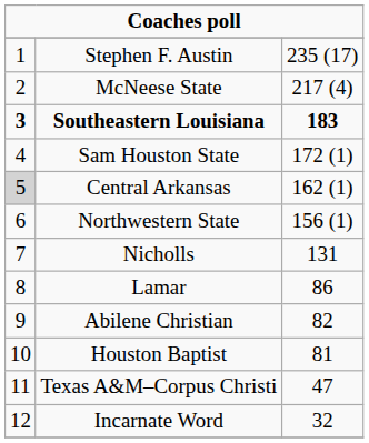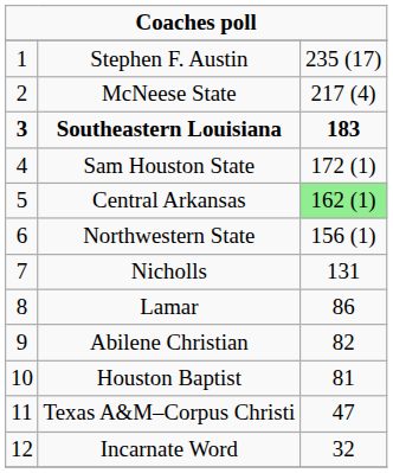 <table class="wikitable">
 <tr align="center">
 <td align="center" Colspan="3"><strong>Coaches poll</strong></td>
 </tr>
 <tr align="center">
 </tr>
 <tr align="center">
 <td>1</td>
 <td>Stephen F. Austin</td>
 <td>235 (17)</td>
 </tr>
 <tr align="center">
 <td>2</td>
 <td>McNeese State</td>
 <td>217 (4)</td>
 </tr>
 <tr align="center">
 <td><strong>3</strong></td>
 <td><strong>Southeastern Louisiana</strong></td>
 <td><strong>183</strong></td>
 </tr>
 <tr align="center">
 <td>4</td>
 <td>Sam Houston State</td>
 <td>172 (1)</td>
 </tr>
 <tr align="center">
-<td style="background: lightgrey;">5</td>
+<td>5</td>
 <td>Central Arkansas</td>
-<td>162 (1)</td>
+<td style="background: lightgreen;">162 (1)</td>
 </tr>
 <tr align="center">
 <td>6</td>
 <td>Northwestern State</td>
 <td>156 (1)</td>
 </tr>
 <tr align="center">
 <td>7</td>
 <td>Nicholls</td>
 <td>131</td>
 </tr>
 <tr align="center">
 <td>8</td>
 <td>Lamar</td>
 <td>86</td>
 </tr>
 <tr align="center">
 <td>9</td>
 <td>Abilene Christian</td>
 <td>82</td>
 </tr>
 <tr align="center">
 <td>10</td>
 <td>Houston Baptist</td>
 <td>81</td>
 </tr>
 <tr align="center">
 <td>11</td>
 <td>Texas A&M–Corpus Christi</td>
 <td>47</td>
 </tr>
 <tr align="center">
 <td>12</td>
 <td>Incarnate Word</td>
 <td>32</td>
 </tr>
 <tr align="center">
 </tr>
 </table>
